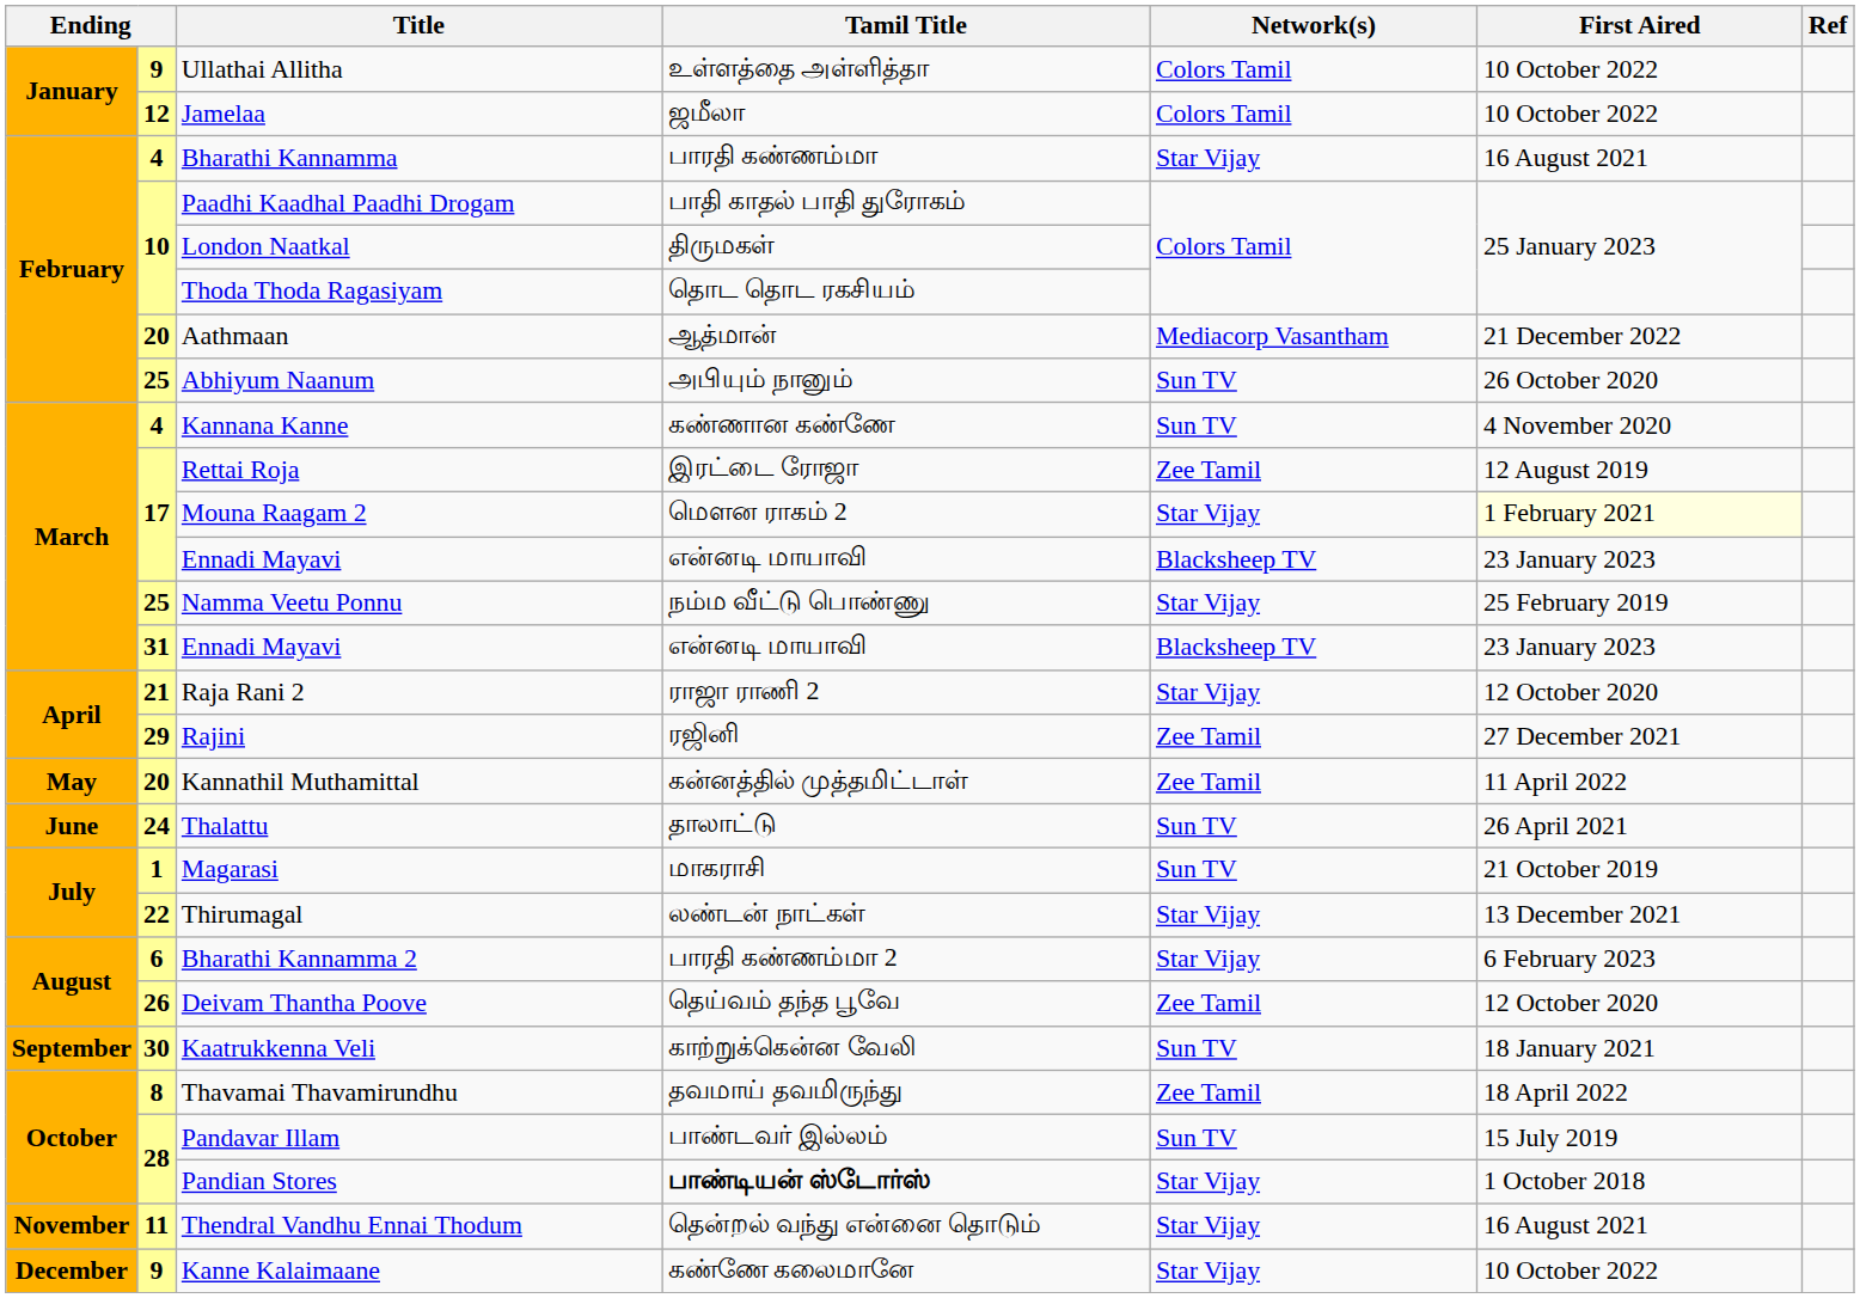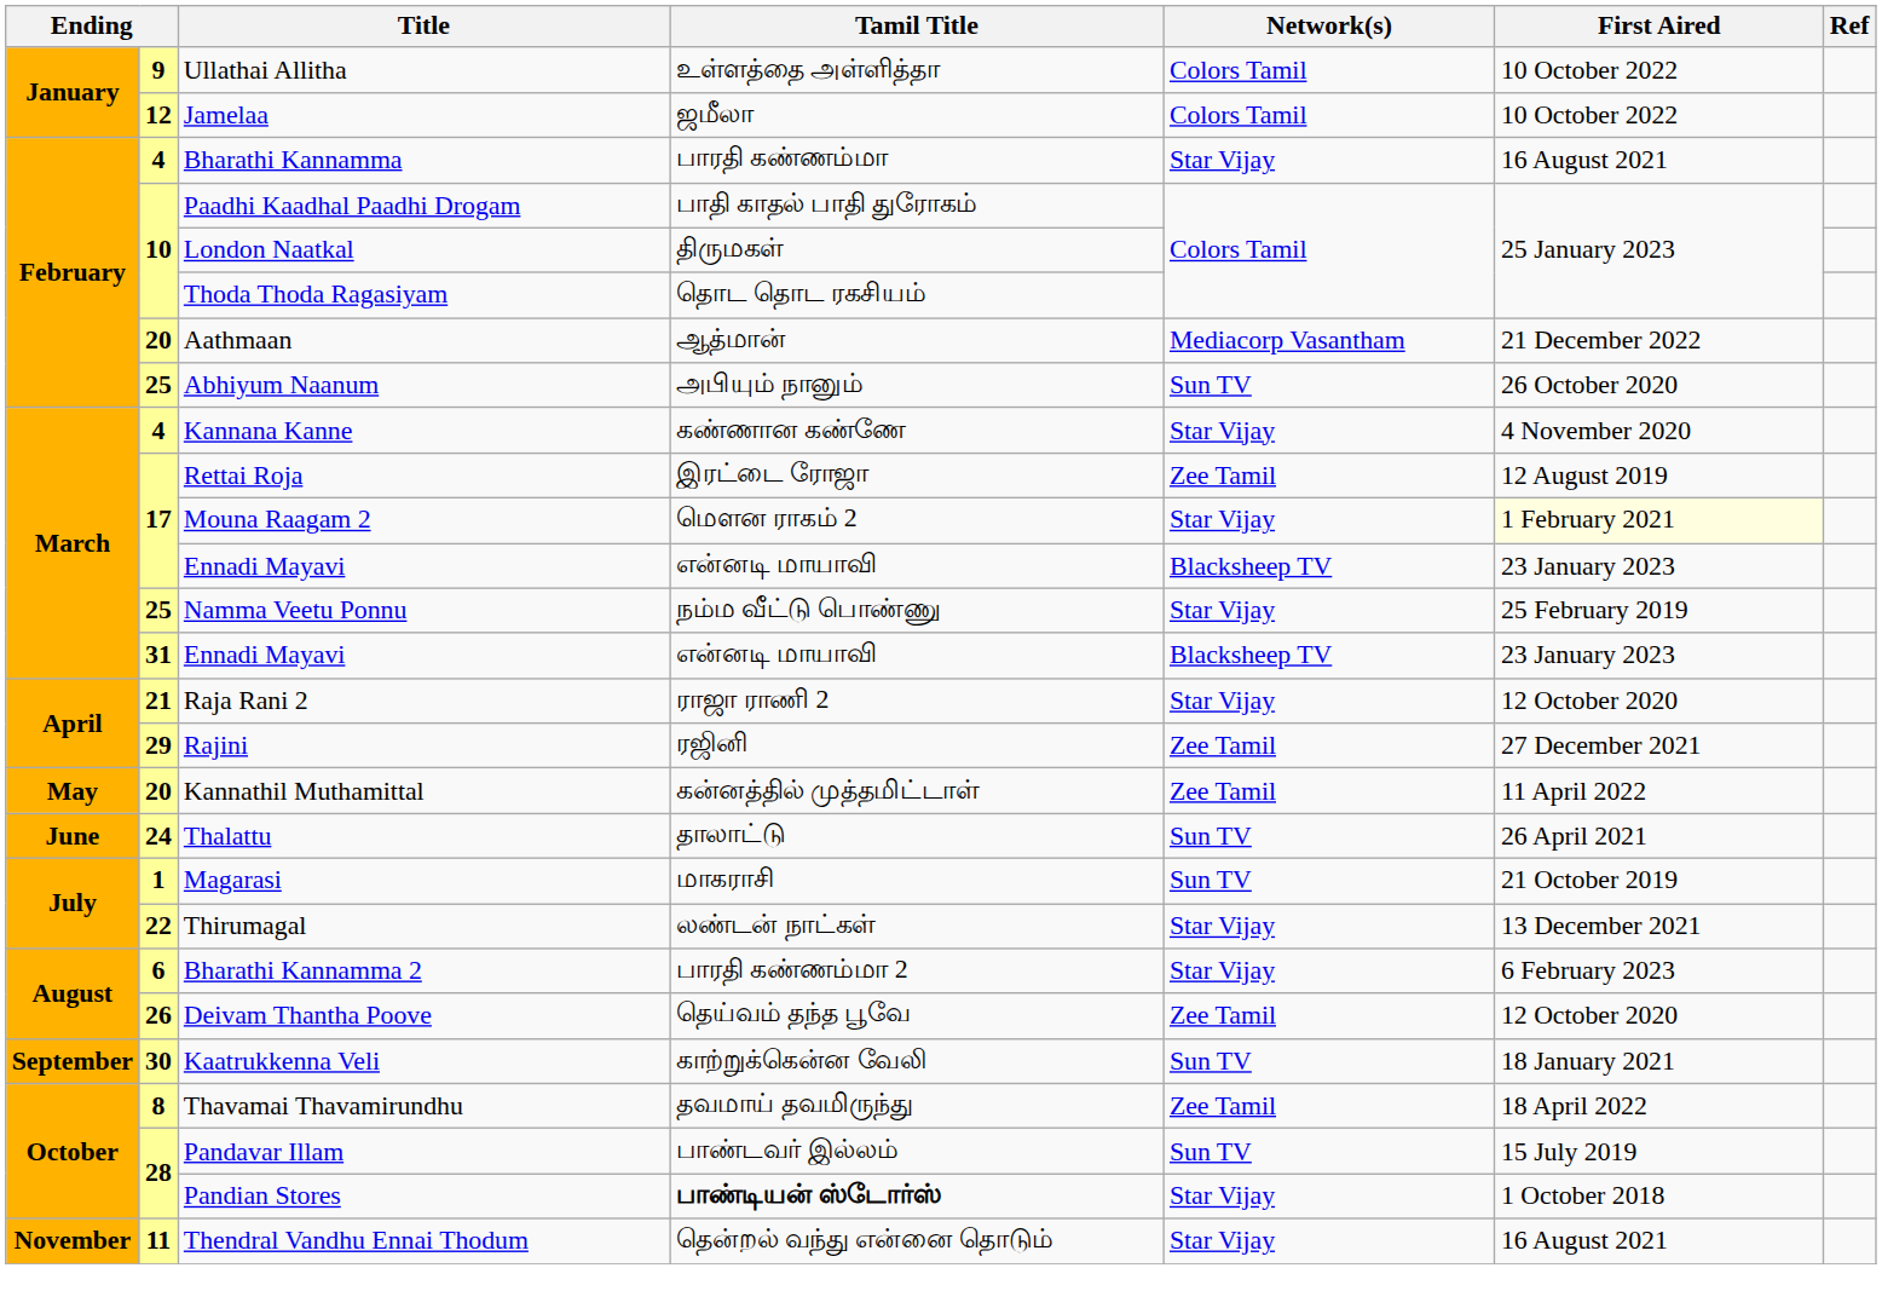 <table class="wikitable" width="90%">
 <tr>
 <th colspan="2">Ending</th>
 <th style="width:30%;">Title</th>
 <th style="width:30%;">Tamil Title</th>
 <th style="width:20%;">Network(s)</th>
 <th style="width:20%;">First Aired</th>
 <th>Ref</th>
 </tr>
 <tr>
 <td rowspan="2" style="text-align:center;background:#FFB200;textcolor:#000;"><strong>January</strong></td>
 <td style="text-align:center; background:#FFFF99;"><strong>9</strong></td>
 <td>Ullathai Allitha</td>
 <td>உள்ளத்தை அள்ளித்தா</td>
 <td><a href='#'>Colors Tamil</a></td>
 <td>10 October 2022</td>
 <td></td>
 </tr>
 <tr>
 <td style="text-align:center; background:#FFFF99;"><strong>12</strong></td>
 <td><a href='#'>Jamelaa</a></td>
 <td>ஜமீலா</td>
 <td><a href='#'>Colors Tamil</a></td>
 <td>10 October 2022</td>
 <td></td>
 </tr>
 <tr>
 <td rowspan="6" style="text-align:center;background:#FFB200;textcolor:#000;"><strong>February</strong></td>
 <td style="text-align:center; background:#FFFF99;"><strong>4</strong></td>
 <td><a href='#'>Bharathi Kannamma</a></td>
 <td>பாரதி கண்ணம்மா</td>
 <td><a href='#'>Star Vijay</a></td>
 <td>16 August 2021</td>
 <td></td>
 </tr>
 <tr>
 <td rowspan="3" style="text-align:center; background:#FFFF99;"><strong>10</strong></td>
 <td><a href='#'>Paadhi Kaadhal Paadhi Drogam</a></td>
 <td>பாதி காதல் பாதி துரோகம்</td>
 <td rowspan="3"><a href='#'>Colors Tamil</a></td>
 <td rowspan="3">25 January 2023</td>
 <td></td>
 </tr>
 <tr>
 <td><a href='#'>London Naatkal</a></td>
 <td>திருமகள்</td>
 <td></td>
 </tr>
 <tr>
 <td><a href='#'>Thoda Thoda Ragasiyam</a></td>
 <td>தொட தொட ரகசியம்</td>
 </tr>
 <tr>
 <td rowspan="1" style="text-align:center; background:#FFFF99;"><strong>20</strong></td>
 <td>Aathmaan</td>
 <td>ஆத்மான்</td>
 <td><a href='#'>Mediacorp Vasantham</a></td>
 <td>21 December 2022</td>
 <td></td>
 </tr>
 <tr>
 <td rowspan="1" style="text-align:center; background:#FFFF99;"><strong>25</strong></td>
 <td><a href='#'>Abhiyum Naanum</a></td>
 <td>அபியும் நானும்</td>
 <td><a href='#'>Sun TV</a></td>
 <td>26 October 2020</td>
 <td></td>
 </tr>
 <tr>
 <td rowspan="6" style="text-align:center;background:#FFB200;textcolor:#000;"><strong>March</strong></td>
 <td rowspan="1" style="text-align:center; background:#FFFF99;"><strong>4</strong></td>
 <td><a href='#'>Kannana Kanne</a></td>
 <td>கண்ணான கண்ணே</td>
-<td><a href='#'>Sun TV</a></td>
+<td><a href='#'>Star Vijay</a></td>
 <td>4 November 2020</td>
 <td></td>
 </tr>
 <tr>
 <td rowspan="3" style="text-align:center; background:#FFFF99;"><strong>17</strong></td>
 <td><a href='#'>Rettai Roja</a></td>
 <td>இரட்டை ரோஜா</td>
 <td><a href='#'>Zee Tamil</a></td>
 <td>12 August 2019</td>
 <td></td>
 </tr>
 <tr>
 <td><a href='#'>Mouna Raagam 2</a></td>
 <td>மௌன ராகம் 2</td>
 <td><a href='#'>Star Vijay</a></td>
 <td style="background: lightyellow;">1 February 2021</td>
 <td></td>
 </tr>
 <tr>
 <td><a href='#'>Ennadi Mayavi</a></td>
 <td>என்னடி மாயாவி</td>
 <td><a href='#'>Blacksheep TV</a></td>
 <td>23 January 2023</td>
 <td></td>
 </tr>
 <tr>
 <td rowspan="1" style="text-align:center; background:#FFFF99;"><strong>25</strong></td>
 <td><a href='#'>Namma Veetu Ponnu</a></td>
 <td>நம்ம வீட்டு பொண்ணு</td>
 <td><a href='#'>Star Vijay</a></td>
 <td>25 February 2019</td>
 <td></td>
 </tr>
 <tr>
 <td rowspan="1" style="text-align:center; background:#FFFF99;"><strong>31</strong></td>
 <td><a href='#'>Ennadi Mayavi</a></td>
 <td>என்னடி மாயாவி</td>
 <td><a href='#'>Blacksheep TV</a></td>
 <td>23 January 2023</td>
 <td></td>
 </tr>
 <tr>
 <td rowspan="2" style="text-align:center;background:#FFB200;textcolor:#000;"><strong>April</strong></td>
 <td rowspan="1" style="text-align:center; background:#FFFF99;"><strong>21</strong></td>
 <td>Raja Rani 2</td>
 <td>ராஜா ராணி 2</td>
 <td><a href='#'>Star Vijay</a></td>
 <td>12 October 2020</td>
 <td></td>
 </tr>
 <tr>
 <td rowspan="1" style="text-align:center; background:#FFFF99;"><strong>29</strong></td>
 <td><a href='#'>Rajini</a></td>
 <td>ரஜினி</td>
 <td><a href='#'>Zee Tamil</a></td>
 <td>27 December 2021</td>
 <td></td>
 </tr>
 <tr>
 <td rowspan="1" style="text-align:center;background:#FFB200;textcolor:#000;"><strong>May</strong></td>
 <td rowspan="1" style="text-align:center; background:#FFFF99;"><strong>20</strong></td>
 <td>Kannathil Muthamittal</td>
 <td>கன்னத்தில் முத்தமிட்டாள்</td>
 <td><a href='#'>Zee Tamil</a></td>
 <td>11 April 2022</td>
 <td></td>
 </tr>
 <tr>
 <td rowspan="1" style="text-align:center;background:#FFB200;textcolor:#000;"><strong>June</strong></td>
 <td rowspan="1" style="text-align:center; background:#FFFF99;"><strong>24</strong></td>
 <td><a href='#'>Thalattu</a></td>
 <td>தாலாட்டு</td>
 <td><a href='#'>Sun TV</a></td>
 <td>26 April 2021</td>
 <td></td>
 </tr>
 <tr>
 <td rowspan="2" style="text-align:center;background:#FFB200;textcolor:#000;"><strong>July</strong></td>
 <td rowspan="1" style="text-align:center; background:#FFFF99;"><strong>1</strong></td>
 <td><a href='#'>Magarasi</a></td>
 <td>மாகராசி</td>
 <td><a href='#'>Sun TV</a></td>
 <td>21 October 2019</td>
 <td></td>
 </tr>
 <tr>
 <td rowspan="1" style="text-align:center; background:#FFFF99;"><strong>22</strong></td>
 <td>Thirumagal</td>
 <td>லண்டன் நாட்கள்</td>
 <td><a href='#'>Star Vijay</a></td>
 <td>13 December 2021</td>
 <td></td>
 </tr>
 <tr>
 <td rowspan="2" style="text-align:center;background:#FFB200;textcolor:#000;"><strong>August</strong></td>
 <td rowspan="1" style="text-align:center; background:#FFFF99;"><strong>6</strong></td>
 <td><a href='#'>Bharathi Kannamma 2</a></td>
 <td>பாரதி கண்ணம்மா 2</td>
 <td><a href='#'>Star Vijay</a></td>
 <td>6 February 2023</td>
 <td></td>
 </tr>
 <tr>
 <td rowspan="1" style="text-align:center; background:#FFFF99;"><strong>26</strong></td>
 <td><a href='#'>Deivam Thantha Poove</a></td>
 <td>தெய்வம் தந்த பூவே</td>
 <td><a href='#'>Zee Tamil</a></td>
 <td>12 October 2020</td>
 <td></td>
 </tr>
 <tr>
 <td rowspan="1" style="text-align:center;background:#FFB200;textcolor:#000;"><strong>September</strong></td>
 <td rowspan="1" style="text-align:center; background:#FFFF99;"><strong>30</strong></td>
 <td><a href='#'>Kaatrukkenna Veli</a></td>
 <td>காற்றுக்கென்ன வேலி</td>
 <td><a href='#'>Sun TV</a></td>
 <td>18 January 2021</td>
 <td></td>
 </tr>
 <tr>
 <td rowspan="3" style="text-align:center;background:#FFB200;textcolor:#000;"><strong>October</strong></td>
 <td rowspan="1" style="text-align:center; background:#FFFF99;"><strong>8</strong></td>
 <td>Thavamai Thavamirundhu</td>
 <td>தவமாய் தவமிருந்து</td>
 <td><a href='#'>Zee Tamil</a></td>
 <td>18 April 2022</td>
 <td></td>
 </tr>
 <tr>
 <td rowspan="2" style="text-align:center; background:#FFFF99;"><strong>28</strong></td>
 <td><a href='#'>Pandavar Illam</a></td>
 <td>பாண்டவர் இல்லம்</td>
 <td><a href='#'>Sun TV</a></td>
 <td>15 July 2019</td>
 <td></td>
 </tr>
 <tr>
 <td><a href='#'>Pandian Stores</a></td>
 <td><strong>பாண்டியன் ஸ்டோர்ஸ்</strong></td>
 <td><a href='#'>Star Vijay</a></td>
 <td>1 October 2018</td>
 <td></td>
 </tr>
 <tr>
 <td rowspan="1" style="text-align:center;background:#FFB200;textcolor:#000;"><strong>November</strong></td>
 <td rowspan="1" style="text-align:center; background:#FFFF99;"><strong>11</strong></td>
 <td><a href='#'>Thendral Vandhu Ennai Thodum</a></td>
 <td>தென்றல் வந்து என்னை தொடும்</td>
 <td><a href='#'>Star Vijay</a></td>
 <td>16 August 2021</td>
 <td></td>
 </tr>
 <tr>
-<td rowspan="1" style="text-align:center;background:#FFB200;textcolor:#000;"><strong>December</strong></td>
-<td rowspan="1" style="text-align:center; background:#FFFF99;"><strong>9</strong></td>
-<td><a href='#'>Kanne Kalaimaane</a></td>
-<td>கண்ணே கலைமானே</td>
-<td><a href='#'>Star Vijay</a></td>
-<td>10 October 2022</td>
-<td></td>
-</tr>
-<tr>
 </tr>
 </table>
